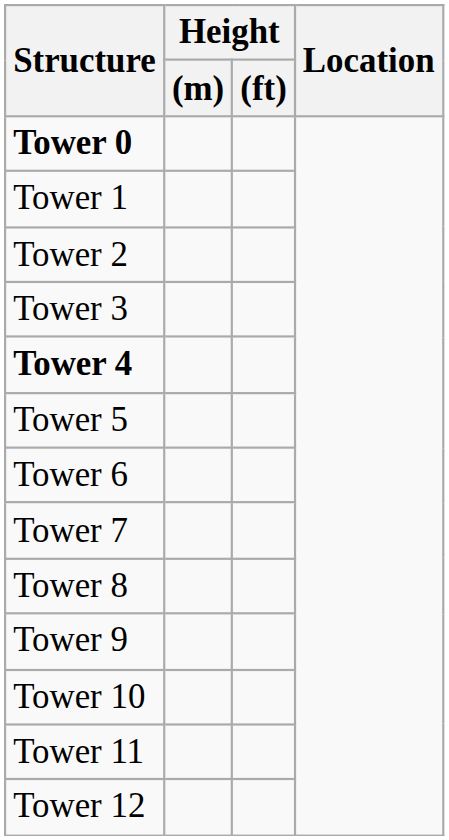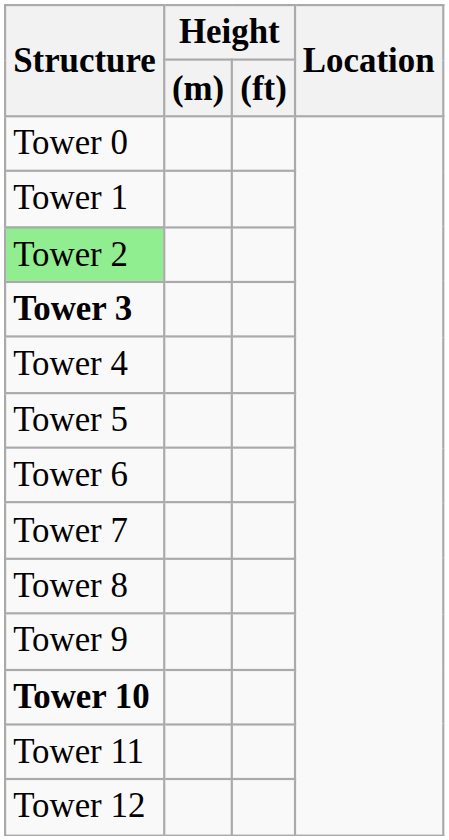 <table class="wikitable">
 <tr>
 <th rowspan=2>Structure</th>
 <th colspan=2>Height</th>
 <th rowspan=2>Location</th>
 </tr>
 <tr>
 <th>(m)</th>
 <th>(ft)</th>
 </tr>
 <tr>
-<td><strong>Tower 0</strong></td>
+<td>Tower 0</td>
 <td></td>
 <td></td>
 </tr>
 <tr>
 <td>Tower 1</td>
 <td></td>
 <td></td>
 </tr>
 <tr>
-<td>Tower 2</td>
+<td style="background: lightgreen;">Tower 2</td>
 <td></td>
 <td></td>
 </tr>
 <tr>
-<td>Tower 3</td>
+<td><strong>Tower 3</strong></td>
 <td></td>
 <td></td>
 </tr>
 <tr>
-<td><strong>Tower 4</strong></td>
+<td>Tower 4</td>
 <td></td>
 <td></td>
 </tr>
 <tr>
 <td>Tower 5</td>
 <td></td>
 <td></td>
 </tr>
 <tr>
 <td>Tower 6</td>
 <td></td>
 <td></td>
 </tr>
 <tr>
 <td>Tower 7</td>
 <td></td>
 <td></td>
 </tr>
 <tr>
 <td>Tower 8</td>
 <td></td>
 <td></td>
 </tr>
 <tr>
 <td>Tower 9</td>
 <td></td>
 <td></td>
 </tr>
 <tr>
-<td>Tower 10</td>
+<td><strong>Tower 10</strong></td>
 <td></td>
 <td></td>
 </tr>
 <tr>
 <td>Tower 11</td>
 <td></td>
 <td></td>
 </tr>
 <tr>
 <td>Tower 12</td>
 <td></td>
 <td></td>
 </tr>
 </table>
